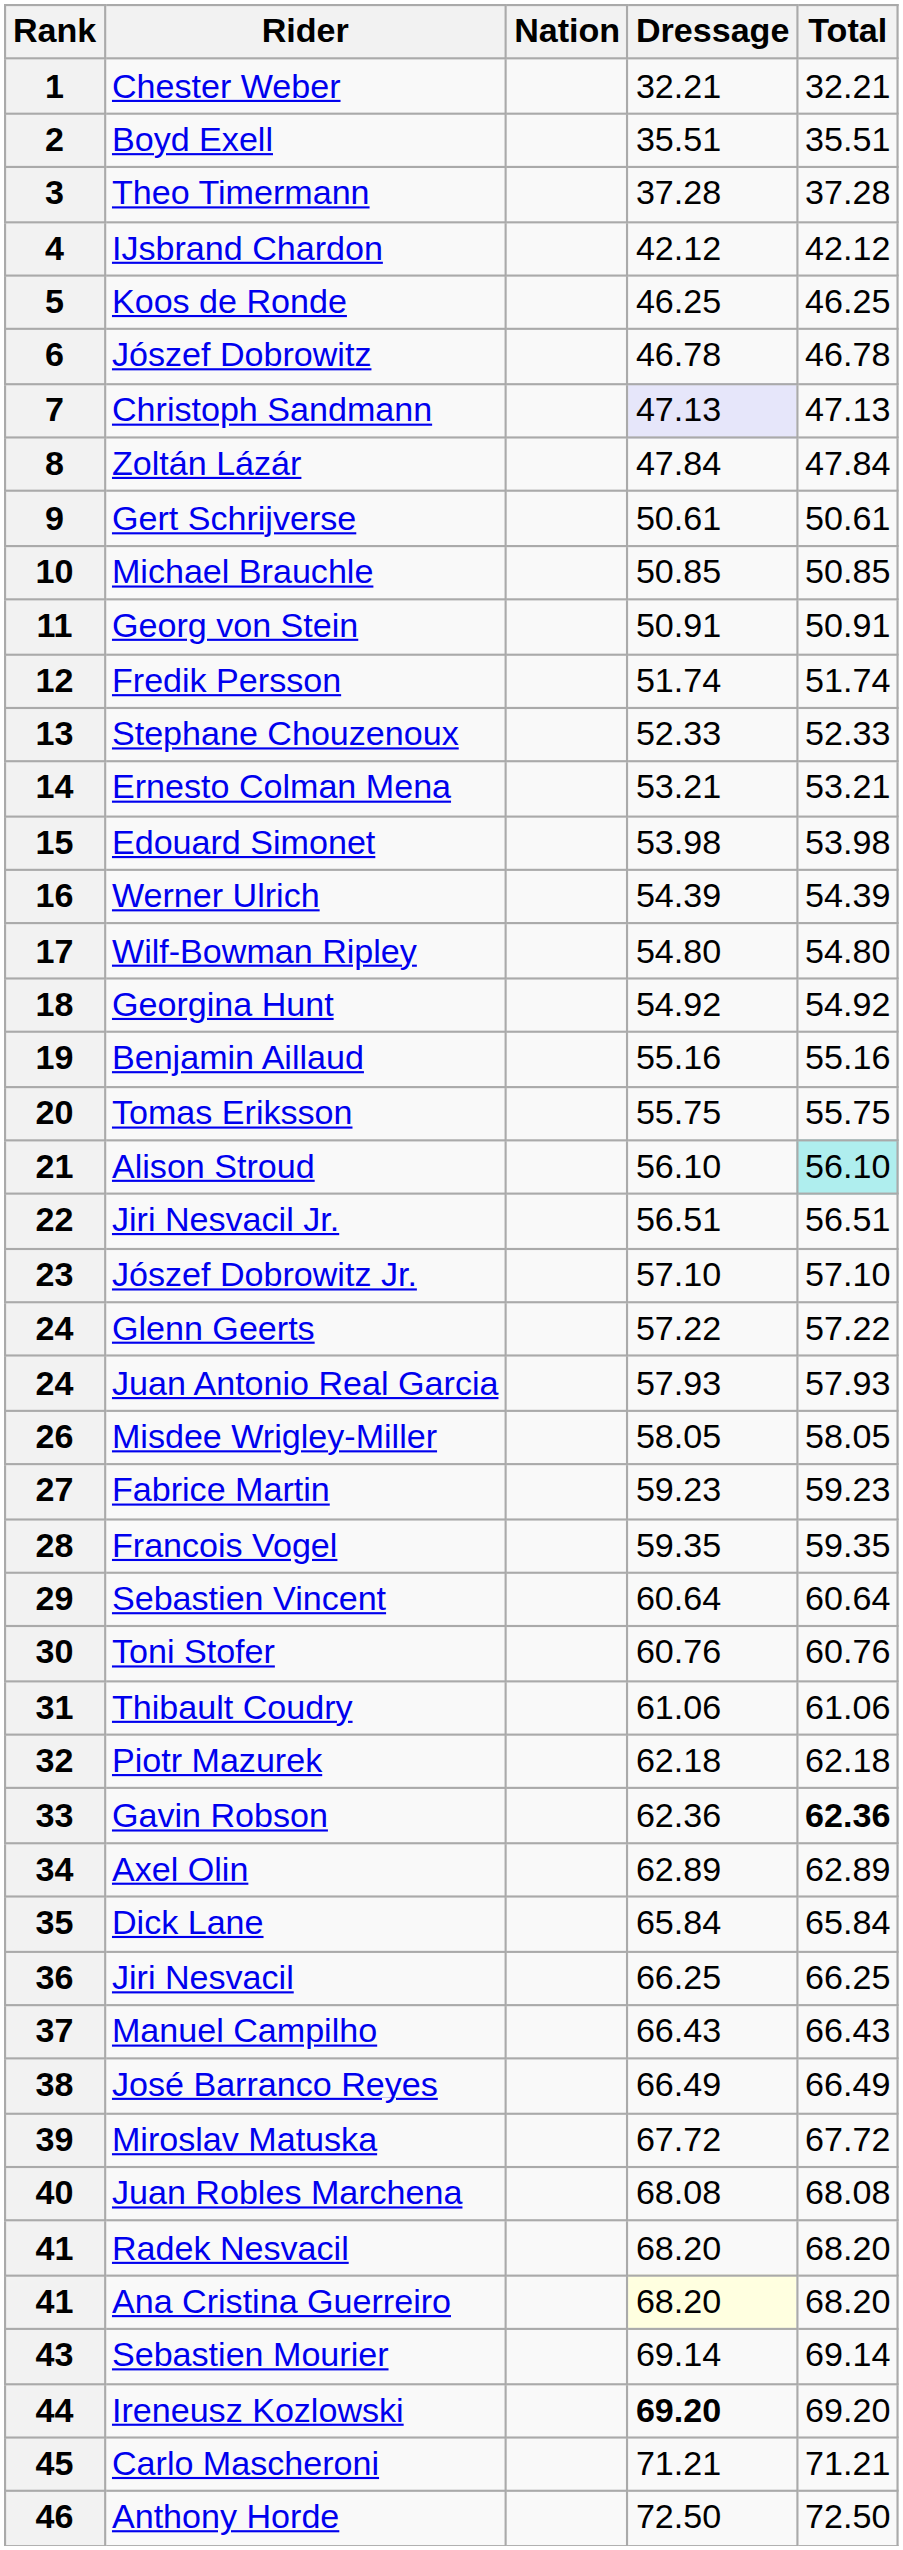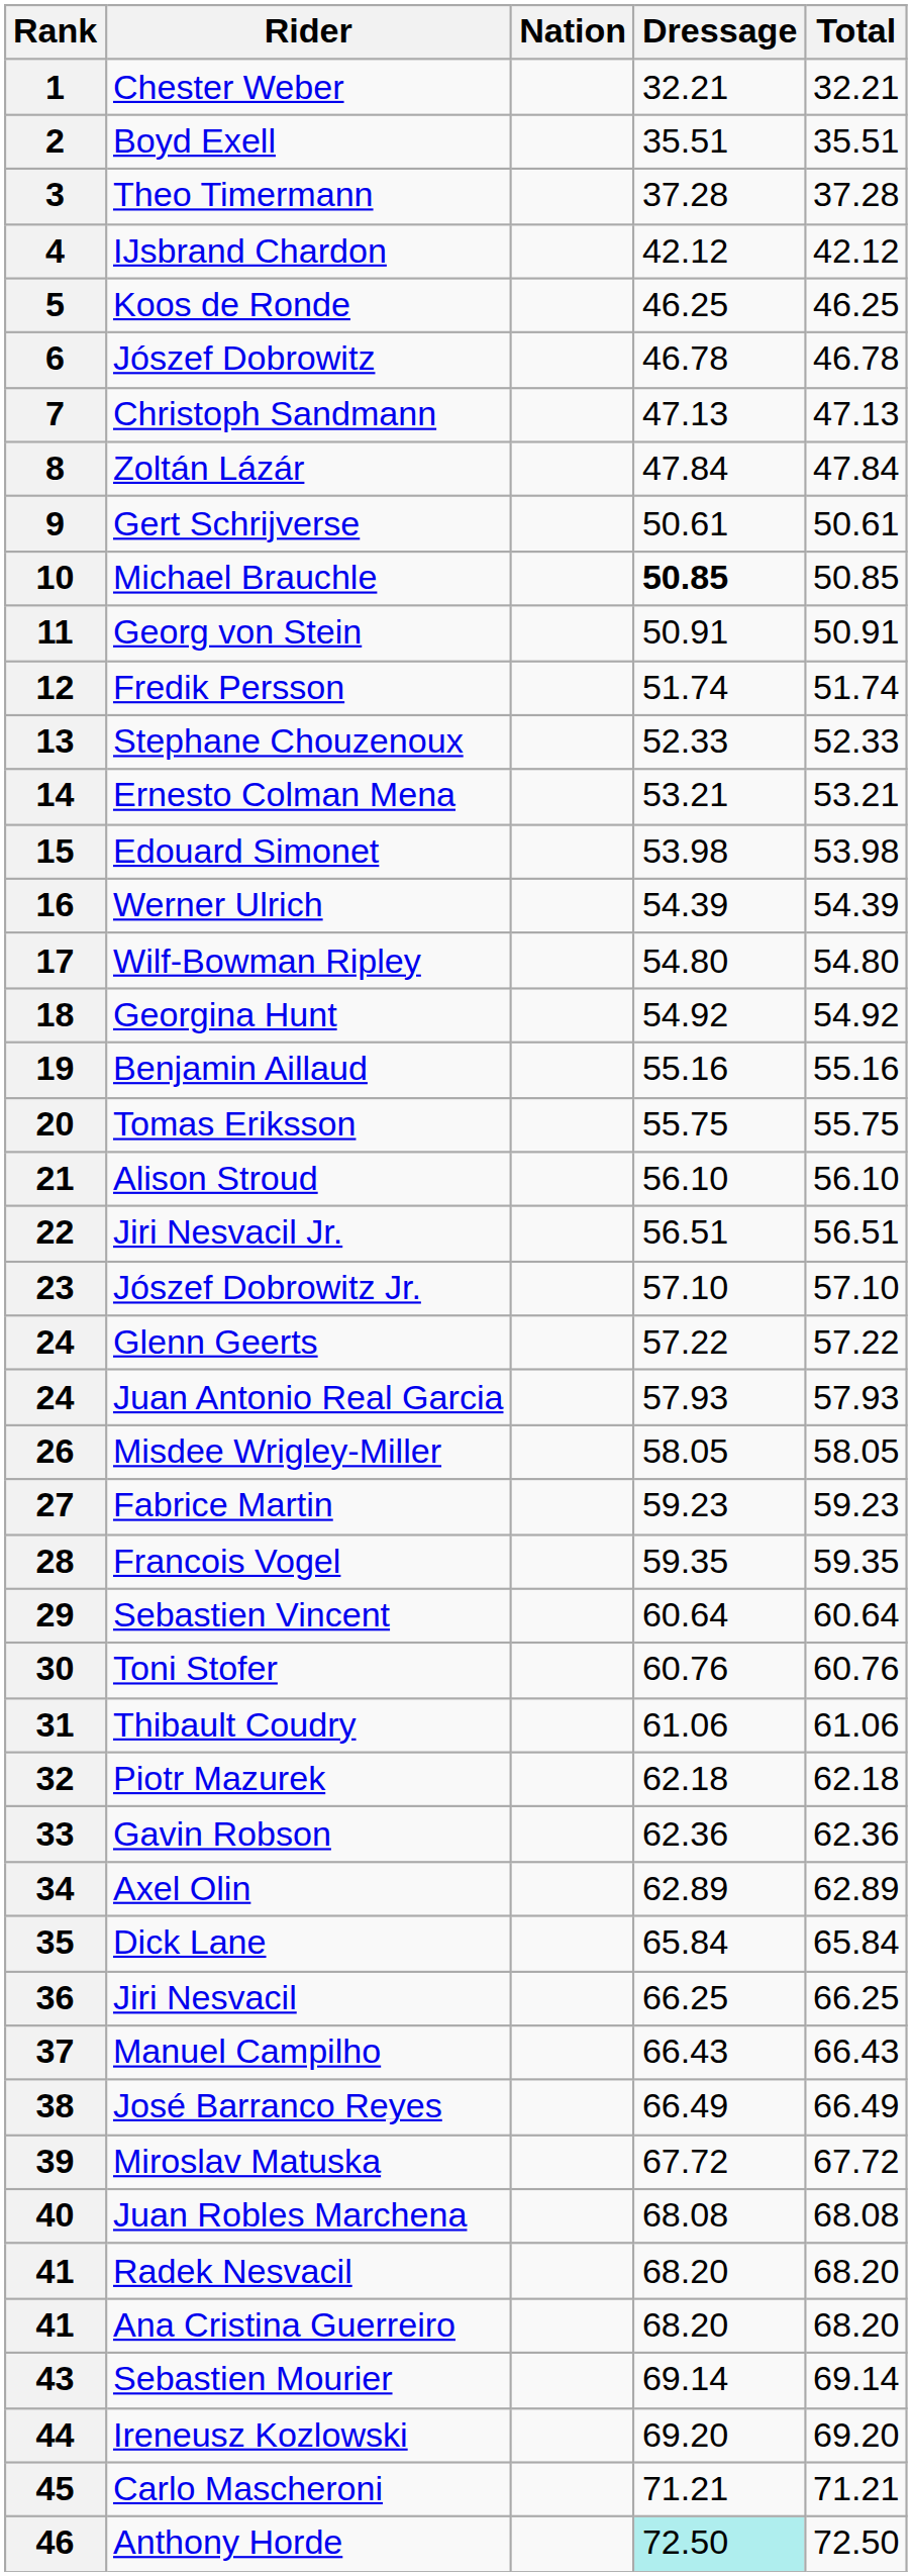 <table class="wikitable sortable">
 <tr>
 <th>Rank</th>
 <th>Rider</th>
 <th>Nation</th>
 <th>Dressage</th>
 <th>Total</th>
 </tr>
 <tr>
 <th>1</th>
 <td><a href='#'>Chester Weber</a></td>
 <td></td>
 <td>32.21</td>
 <td>32.21</td>
 </tr>
 <tr>
 <th>2</th>
 <td><a href='#'>Boyd Exell</a></td>
 <td></td>
 <td>35.51</td>
 <td>35.51</td>
 </tr>
 <tr>
 <th>3</th>
 <td><a href='#'>Theo Timermann</a></td>
 <td></td>
 <td>37.28</td>
 <td>37.28</td>
 </tr>
 <tr>
 <th>4</th>
 <td><a href='#'>IJsbrand Chardon</a></td>
 <td></td>
 <td>42.12</td>
 <td>42.12</td>
 </tr>
 <tr>
 <th>5</th>
 <td><a href='#'>Koos de Ronde</a></td>
 <td></td>
 <td>46.25</td>
 <td>46.25</td>
 </tr>
 <tr>
 <th>6</th>
 <td><a href='#'>Jószef Dobrowitz</a></td>
 <td></td>
 <td>46.78</td>
 <td>46.78</td>
 </tr>
 <tr>
 <th>7</th>
 <td><a href='#'>Christoph Sandmann</a></td>
 <td></td>
-<td style="background: lavender;">47.13</td>
+<td>47.13</td>
 <td>47.13</td>
 </tr>
 <tr>
 <th>8</th>
 <td><a href='#'>Zoltán Lázár</a></td>
 <td></td>
 <td>47.84</td>
 <td>47.84</td>
 </tr>
 <tr>
 <th>9</th>
 <td><a href='#'>Gert Schrijverse</a></td>
 <td></td>
 <td>50.61</td>
 <td>50.61</td>
 </tr>
 <tr>
 <th>10</th>
 <td><a href='#'>Michael Brauchle</a></td>
 <td></td>
-<td>50.85</td>
+<td><strong>50.85</strong></td>
 <td>50.85</td>
 </tr>
 <tr>
 <th>11</th>
 <td><a href='#'>Georg von Stein</a></td>
 <td></td>
 <td>50.91</td>
 <td>50.91</td>
 </tr>
 <tr>
 <th>12</th>
 <td><a href='#'>Fredik Persson</a></td>
 <td></td>
 <td>51.74</td>
 <td>51.74</td>
 </tr>
 <tr>
 <th>13</th>
 <td><a href='#'>Stephane Chouzenoux</a></td>
 <td></td>
 <td>52.33</td>
 <td>52.33</td>
 </tr>
 <tr>
 <th>14</th>
 <td><a href='#'>Ernesto Colman Mena</a></td>
 <td></td>
 <td>53.21</td>
 <td>53.21</td>
 </tr>
 <tr>
 <th>15</th>
 <td><a href='#'>Edouard Simonet</a></td>
 <td></td>
 <td>53.98</td>
 <td>53.98</td>
 </tr>
 <tr>
 <th>16</th>
 <td><a href='#'>Werner Ulrich</a></td>
 <td></td>
 <td>54.39</td>
 <td>54.39</td>
 </tr>
 <tr>
 <th>17</th>
 <td><a href='#'>Wilf-Bowman Ripley</a></td>
 <td></td>
 <td>54.80</td>
 <td>54.80</td>
 </tr>
 <tr>
 <th>18</th>
 <td><a href='#'>Georgina Hunt</a></td>
 <td></td>
 <td>54.92</td>
 <td>54.92</td>
 </tr>
 <tr>
 <th>19</th>
 <td><a href='#'>Benjamin Aillaud</a></td>
 <td></td>
 <td>55.16</td>
 <td>55.16</td>
 </tr>
 <tr>
 <th>20</th>
 <td><a href='#'>Tomas Eriksson</a></td>
 <td></td>
 <td>55.75</td>
 <td>55.75</td>
 </tr>
 <tr>
 <th>21</th>
 <td><a href='#'>Alison Stroud</a></td>
 <td></td>
 <td>56.10</td>
-<td style="background: paleturquoise;">56.10</td>
+<td>56.10</td>
 </tr>
 <tr>
 <th>22</th>
 <td><a href='#'>Jiri Nesvacil Jr.</a></td>
 <td></td>
 <td>56.51</td>
 <td>56.51</td>
 </tr>
 <tr>
 <th>23</th>
 <td><a href='#'>Jószef Dobrowitz Jr.</a></td>
 <td></td>
 <td>57.10</td>
 <td>57.10</td>
 </tr>
 <tr>
 <th>24</th>
 <td><a href='#'>Glenn Geerts</a></td>
 <td></td>
 <td>57.22</td>
 <td>57.22</td>
 </tr>
 <tr>
 <th>24</th>
 <td><a href='#'>Juan Antonio Real Garcia</a></td>
 <td></td>
 <td>57.93</td>
 <td>57.93</td>
 </tr>
 <tr>
 <th>26</th>
 <td><a href='#'>Misdee Wrigley-Miller</a></td>
 <td></td>
 <td>58.05</td>
 <td>58.05</td>
 </tr>
 <tr>
 <th>27</th>
 <td><a href='#'>Fabrice Martin</a></td>
 <td></td>
 <td>59.23</td>
 <td>59.23</td>
 </tr>
 <tr>
 <th>28</th>
 <td><a href='#'>Francois Vogel</a></td>
 <td></td>
 <td>59.35</td>
 <td>59.35</td>
 </tr>
 <tr>
 <th>29</th>
 <td><a href='#'>Sebastien Vincent</a></td>
 <td></td>
 <td>60.64</td>
 <td>60.64</td>
 </tr>
 <tr>
 <th>30</th>
 <td><a href='#'>Toni Stofer</a></td>
 <td></td>
 <td>60.76</td>
 <td>60.76</td>
 </tr>
 <tr>
 <th>31</th>
 <td><a href='#'>Thibault Coudry</a></td>
 <td></td>
 <td>61.06</td>
 <td>61.06</td>
 </tr>
 <tr>
 <th>32</th>
 <td><a href='#'>Piotr Mazurek</a></td>
 <td></td>
 <td>62.18</td>
 <td>62.18</td>
 </tr>
 <tr>
 <th>33</th>
 <td><a href='#'>Gavin Robson</a></td>
 <td></td>
 <td>62.36</td>
-<td><strong>62.36</strong></td>
+<td>62.36</td>
 </tr>
 <tr>
 <th>34</th>
 <td><a href='#'>Axel Olin</a></td>
 <td></td>
 <td>62.89</td>
 <td>62.89</td>
 </tr>
 <tr>
 <th>35</th>
 <td><a href='#'>Dick Lane</a></td>
 <td></td>
 <td>65.84</td>
 <td>65.84</td>
 </tr>
 <tr>
 <th>36</th>
 <td><a href='#'>Jiri Nesvacil</a></td>
 <td></td>
 <td>66.25</td>
 <td>66.25</td>
 </tr>
 <tr>
 <th>37</th>
 <td><a href='#'>Manuel Campilho</a></td>
 <td></td>
 <td>66.43</td>
 <td>66.43</td>
 </tr>
 <tr>
 <th>38</th>
 <td><a href='#'>José Barranco Reyes</a></td>
 <td></td>
 <td>66.49</td>
 <td>66.49</td>
 </tr>
 <tr>
 <th>39</th>
 <td><a href='#'>Miroslav Matuska</a></td>
 <td></td>
 <td>67.72</td>
 <td>67.72</td>
 </tr>
 <tr>
 <th>40</th>
 <td><a href='#'>Juan Robles Marchena</a></td>
 <td></td>
 <td>68.08</td>
 <td>68.08</td>
 </tr>
 <tr>
 <th>41</th>
 <td><a href='#'>Radek Nesvacil</a></td>
 <td></td>
 <td>68.20</td>
 <td>68.20</td>
 </tr>
 <tr>
 <th>41</th>
 <td><a href='#'>Ana Cristina Guerreiro</a></td>
 <td></td>
-<td style="background: lightyellow;">68.20</td>
+<td>68.20</td>
 <td>68.20</td>
 </tr>
 <tr>
 <th>43</th>
 <td><a href='#'>Sebastien Mourier</a></td>
 <td></td>
 <td>69.14</td>
 <td>69.14</td>
 </tr>
 <tr>
 <th>44</th>
 <td><a href='#'>Ireneusz Kozlowski</a></td>
 <td></td>
-<td><strong>69.20</strong></td>
+<td>69.20</td>
 <td>69.20</td>
 </tr>
 <tr>
 <th>45</th>
 <td><a href='#'>Carlo Mascheroni</a></td>
 <td></td>
 <td>71.21</td>
 <td>71.21</td>
 </tr>
 <tr>
 <th>46</th>
 <td><a href='#'>Anthony Horde</a></td>
 <td></td>
-<td>72.50</td>
+<td style="background: paleturquoise;">72.50</td>
 <td>72.50</td>
 </tr>
 </table>
